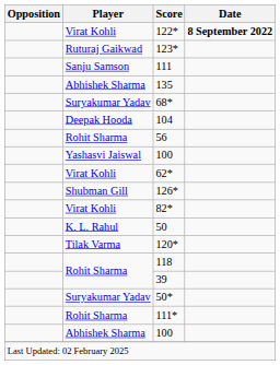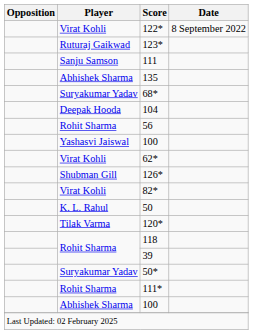 <table class="wikitable sortable">
 <tr>
 <th>Opposition</th>
 <th>Player</th>
 <th>Score</th>
 <th>Date</th>
 </tr>
 <tr>
 <td></td>
 <td><a href='#'>Virat Kohli</a></td>
 <td>122*</td>
-<td><strong>8 September 2022</strong></td>
+<td>8 September 2022</td>
 </tr>
 <tr>
 <td></td>
 <td><a href='#'>Ruturaj Gaikwad</a></td>
 <td>123*</td>
 <td></td>
 </tr>
 <tr>
 <td></td>
 <td><a href='#'>Sanju Samson</a></td>
 <td>111</td>
 <td></td>
 </tr>
 <tr>
 <td></td>
 <td><a href='#'>Abhishek Sharma</a></td>
 <td>135</td>
 <td></td>
 </tr>
 <tr>
 <td></td>
 <td><a href='#'>Suryakumar Yadav</a></td>
 <td>68*</td>
 <td></td>
 </tr>
 <tr>
 <td></td>
 <td><a href='#'>Deepak Hooda</a></td>
 <td>104</td>
 <td></td>
 </tr>
 <tr>
 <td></td>
 <td><a href='#'>Rohit Sharma</a></td>
 <td>56</td>
 <td></td>
 </tr>
 <tr>
 <td></td>
 <td><a href='#'>Yashasvi Jaiswal</a></td>
 <td>100</td>
 <td></td>
 </tr>
 <tr>
 <td></td>
 <td><a href='#'>Virat Kohli</a></td>
 <td>62*</td>
 <td></td>
 </tr>
 <tr>
 <td></td>
 <td><a href='#'>Shubman Gill</a></td>
 <td>126*</td>
 <td></td>
 </tr>
 <tr>
 <td></td>
 <td><a href='#'>Virat Kohli</a></td>
 <td>82*</td>
 <td></td>
 </tr>
 <tr>
 <td></td>
 <td><a href='#'>K. L. Rahul</a></td>
 <td>50</td>
 <td></td>
 </tr>
 <tr>
 <td></td>
 <td><a href='#'>Tilak Varma</a></td>
 <td>120*</td>
 <td></td>
 </tr>
 <tr>
 <td></td>
 <td rowspan=2><a href='#'>Rohit Sharma</a></td>
 <td>118</td>
 <td></td>
 </tr>
 <tr>
 <td></td>
 <td>39</td>
 <td></td>
 </tr>
 <tr>
 <td></td>
 <td><a href='#'>Suryakumar Yadav</a></td>
 <td>50*</td>
 <td></td>
 </tr>
 <tr>
 <td></td>
 <td><a href='#'>Rohit Sharma</a></td>
 <td>111*</td>
 <td></td>
 </tr>
 <tr>
 <td></td>
 <td><a href='#'>Abhishek Sharma</a></td>
 <td>100</td>
 <td></td>
 </tr>
 <tr>
 </tr>
 <tr class=sortbottom>
 <td colspan=5><small>Last Updated: 02 February 2025</small></td>
 </tr>
 </table>
